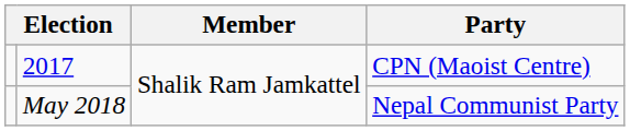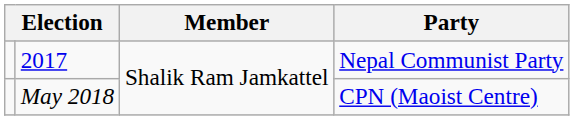 <table class="wikitable">
 <tr>
 <th colspan="2">Election</th>
 <th>Member</th>
 <th>Party</th>
 </tr>
 <tr>
 <td style="background-color:"></td>
 <td><a href='#'>2017</a></td>
 <td rowspan="2">Shalik Ram Jamkattel</td>
-<td><a href='#'>CPN (Maoist Centre)</a></td>
+<td><a href='#'>Nepal Communist Party</a></td>
 </tr>
 <tr>
 <td style="background-color:"></td>
 <td><em>May 2018</em></td>
-<td><a href='#'>Nepal Communist Party</a></td>
+<td><a href='#'>CPN (Maoist Centre)</a></td>
 </tr>
 </table>
